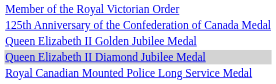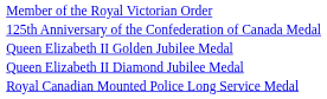 <table>
 <tr>
 <td> <a href='#'>Member of the Royal Victorian Order</a></td>
 </tr>
 <tr>
 <td> <a href='#'>125th Anniversary of the Confederation of Canada Medal</a></td>
 </tr>
 <tr>
 <td> <a href='#'>Queen Elizabeth II Golden Jubilee Medal</a></td>
 </tr>
 <tr>
-<td style="background: lightgrey;"> <a href='#'>Queen Elizabeth II Diamond Jubilee Medal</a></td>
+<td> <a href='#'>Queen Elizabeth II Diamond Jubilee Medal</a></td>
 </tr>
 <tr>
 <td> <a href='#'>Royal Canadian Mounted Police Long Service Medal</a></td>
 </tr>
 <tr>
 </tr>
 </table>
